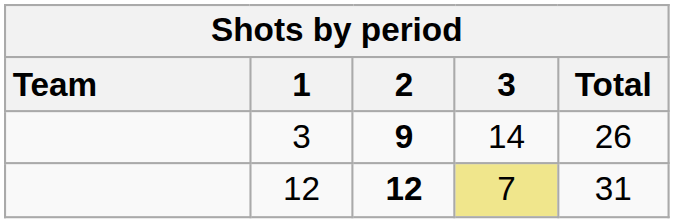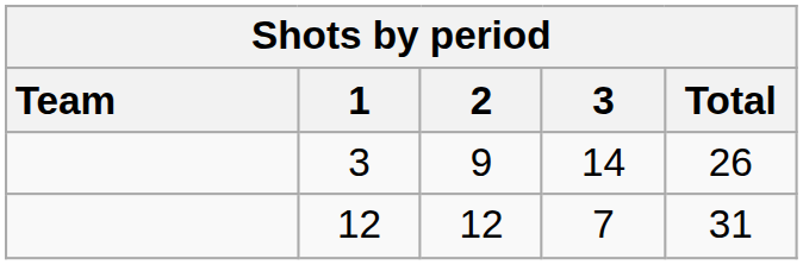 <table class="wikitable" style="width:20em">
 <tr>
 <th colspan="5">Shots by period</th>
 </tr>
 <tr>
 <th style="width:8em; text-align:left;">Team</th>
 <th style="width:3em;">1</th>
 <th style="width:3em;">2</th>
 <th style="width:3em;">3</th>
 <th style="width:3em;">Total</th>
 </tr>
 <tr style="text-align:center;">
 <td style="text-align:left;"></td>
 <td>3</td>
-<td><strong>9</strong></td>
+<td>9</td>
 <td>14</td>
 <td>26</td>
 </tr>
 <tr style="text-align:center;">
 <td style="text-align:left;"></td>
 <td>12</td>
-<td><strong>12</strong></td>
-<td style="background: khaki;">7</td>
+<td>12</td>
+<td>7</td>
 <td>31</td>
 </tr>
 </table>
